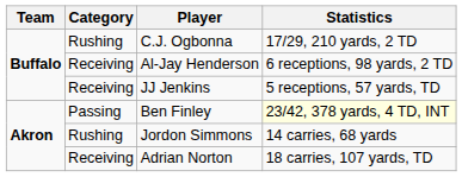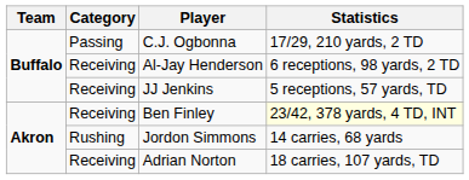 <table class="wikitable" style="float: right;">
 <tr>
 <th>Team</th>
 <th>Category</th>
 <th>Player</th>
 <th>Statistics</th>
 </tr>
 <tr>
 <td rowspan=3><strong>Buffalo</strong></td>
-<td>Rushing</td>
+<td>Passing</td>
 <td>C.J. Ogbonna</td>
 <td>17/29, 210 yards, 2 TD</td>
 </tr>
 <tr>
 <td>Receiving</td>
 <td>Al-Jay Henderson</td>
 <td>6 receptions, 98 yards, 2 TD</td>
 </tr>
 <tr>
 <td>Receiving</td>
 <td>JJ Jenkins</td>
 <td>5 receptions, 57 yards, TD</td>
 </tr>
 <tr>
 <td rowspan=3><strong>Akron</strong></td>
-<td>Passing</td>
+<td>Receiving</td>
 <td>Ben Finley</td>
 <td style="background: lightyellow;">23/42, 378 yards, 4 TD, INT</td>
 </tr>
 <tr>
 <td>Rushing</td>
 <td>Jordon Simmons</td>
 <td>14 carries, 68 yards</td>
 </tr>
 <tr>
 <td>Receiving</td>
 <td>Adrian Norton</td>
 <td>18 carries, 107 yards, TD</td>
 </tr>
 </table>
